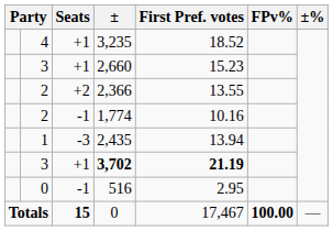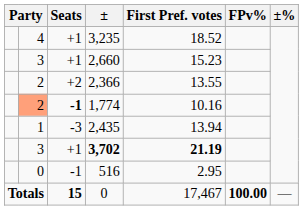 <table class=wikitable>
 <tr>
 <th colspan=2 align=center>Party</th>
 <th valign=top>Seats</th>
 <th valign=top>±</th>
 <th valign=top>First Pref. votes</th>
 <th valign=top>FPv%</th>
 <th valign=top>±%</th>
 </tr>
 <tr>
 <td></td>
 <td align=right>4</td>
 <td align=right>+1</td>
 <td align=right>3,235</td>
 <td align=right>18.52</td>
 <td align=right></td>
 </tr>
 <tr>
 <td></td>
 <td align=right>3</td>
 <td align=right>+1</td>
 <td align=right>2,660</td>
 <td align=right>15.23</td>
 <td align=right></td>
 </tr>
 <tr>
 <td></td>
 <td align=right>2</td>
 <td align=right>+2</td>
 <td align=right>2,366</td>
 <td align=right>13.55</td>
 <td align=right></td>
 </tr>
 <tr>
 <td></td>
-<td align=right>2</td>
-<td align=right>-1</td>
+<td align=right style="background: lightsalmon;">2</td>
+<td align=right><strong>-1</strong></td>
 <td align=right>1,774</td>
 <td align=right>10.16</td>
 <td align=right></td>
 </tr>
 <tr>
 <td></td>
 <td align=right>1</td>
 <td align=right>-3</td>
 <td align=right>2,435</td>
 <td align=right>13.94</td>
 <td align=right></td>
 </tr>
 <tr>
 <td></td>
 <td align=right>3</td>
 <td align=right>+1</td>
 <td align=right><strong>3,702</strong></td>
 <td align=right><strong>21.19</strong></td>
 <td align=right></td>
 </tr>
 <tr>
 <td></td>
 <td align=right>0</td>
 <td align=right>-1</td>
 <td align=right>516</td>
 <td align=right>2.95</td>
 <td align=right></td>
 </tr>
 <tr>
 <td colspan=2 align=center><strong>Totals</strong></td>
 <td align=right><strong>15</strong></td>
 <td align=center>0</td>
 <td align=right>17,467</td>
 <td align=center><strong>100.00</strong></td>
 <td align=center>—</td>
 </tr>
 </table>
